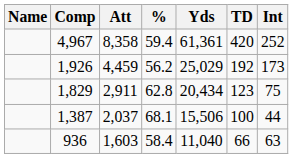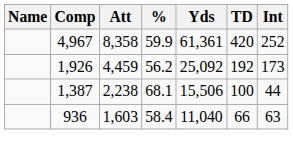 <table class="wikitable sortable" style="text-align:center">
 <tr>
 <th scope="col">Name</th>
 <th scope="col">Comp</th>
 <th>Att</th>
 <th>%</th>
 <th>Yds</th>
 <th>TD</th>
 <th>Int</th>
 </tr>
 <tr>
 <td></td>
 <td>4,967</td>
 <td>8,358</td>
-<td>59.4</td>
+<td>59.9</td>
 <td>61,361</td>
 <td>420</td>
 <td>252</td>
 </tr>
 <tr>
 <td></td>
 <td>1,926</td>
 <td>4,459</td>
 <td>56.2</td>
-<td>25,029</td>
+<td>25,092</td>
 <td>192</td>
 <td>173</td>
 </tr>
 <tr>
 <td></td>
-<td>1,829</td>
-<td>2,911</td>
-<td>62.8</td>
-<td>20,434</td>
-<td>123</td>
-<td>75</td>
-</tr>
-<tr>
-<td></td>
 <td>1,387</td>
-<td>2,037</td>
+<td>2,238</td>
 <td>68.1</td>
 <td>15,506</td>
 <td>100</td>
 <td>44</td>
 </tr>
 <tr>
 <td></td>
 <td>936</td>
 <td>1,603</td>
 <td>58.4</td>
 <td>11,040</td>
 <td>66</td>
 <td>63</td>
 </tr>
 </table>
